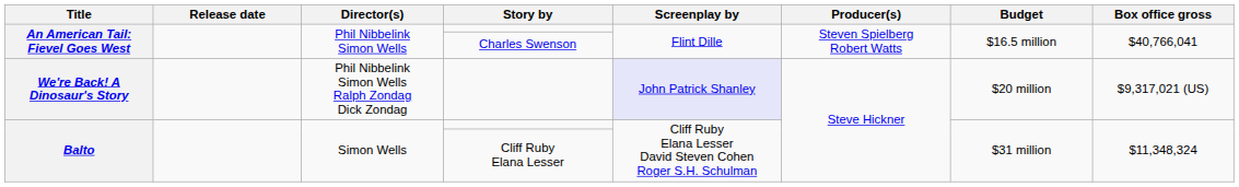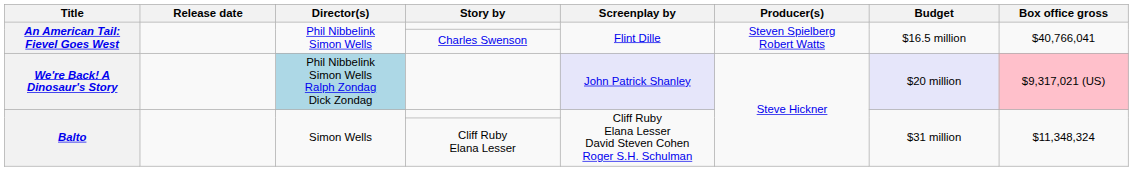 <table class="wikitable plainrowheaders sortable" style="text-align:center; margin=auto; width:100%;">
 <tr>
 <th width="100">Title</th>
 <th width="100">Release date</th>
 <th width="95">Director(s)</th>
 <th width="115">Story by</th>
 <th width="115">Screenplay by</th>
 <th width="115">Producer(s)</th>
 <th width="95">Budget</th>
 <th width="95">Box office gross</th>
 </tr>
 <tr>
 <th scope=row rowspan="2"><em><a href='#'>An American Tail: Fievel Goes West</a></em></th>
 <td rowspan="2"></td>
 <td rowspan="2"><a href='#'>Phil Nibbelink</a><br><a href='#'>Simon Wells</a></td>
 <td></td>
 <td rowspan="2"><a href='#'>Flint Dille</a></td>
 <td rowspan="2"><a href='#'>Steven Spielberg</a><br><a href='#'>Robert Watts</a></td>
 <td rowspan="2">$16.5 million</td>
 <td rowspan="2">$40,766,041</td>
 </tr>
 <tr>
 <td><a href='#'>Charles Swenson</a></td>
 </tr>
 <tr>
 <th scope=row><em><a href='#'>We're Back! A Dinosaur's Story</a></em></th>
 <td></td>
-<td>Phil Nibbelink<br>Simon Wells<br><a href='#'>Ralph Zondag</a><br>Dick Zondag</td>
+<td style="background: lightblue;">Phil Nibbelink<br>Simon Wells<br><a href='#'>Ralph Zondag</a><br>Dick Zondag</td>
 <td></td>
 <td style="background: lavender;"><a href='#'>John Patrick Shanley</a></td>
 <td rowspan="3"><a href='#'>Steve Hickner</a></td>
-<td>$20 million</td>
-<td>$9,317,021 (US)</td>
+<td style="background: lavender;">$20 million</td>
+<td style="background: pink;">$9,317,021 (US)</td>
 </tr>
 <tr>
 <th scope=row rowspan="2"><em><a href='#'>Balto</a></em></th>
 <td rowspan="2"></td>
 <td rowspan="2">Simon Wells</td>
 <td></td>
 <td rowspan="2">Cliff Ruby<br>Elana Lesser<br>David Steven Cohen<br><a href='#'>Roger S.H. Schulman</a></td>
 <td rowspan="2">$31 million</td>
 <td rowspan="2">$11,348,324</td>
 </tr>
 <tr>
 <td>Cliff Ruby<br>Elana Lesser</td>
 </tr>
 </table>
